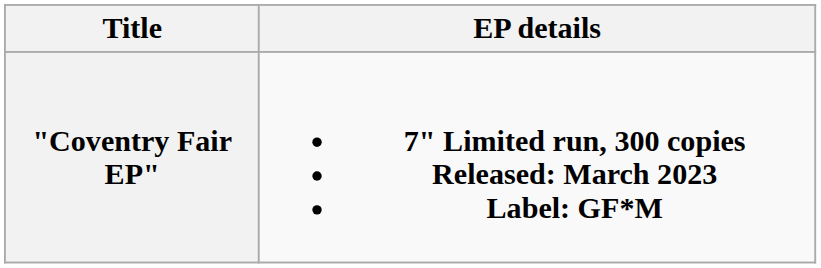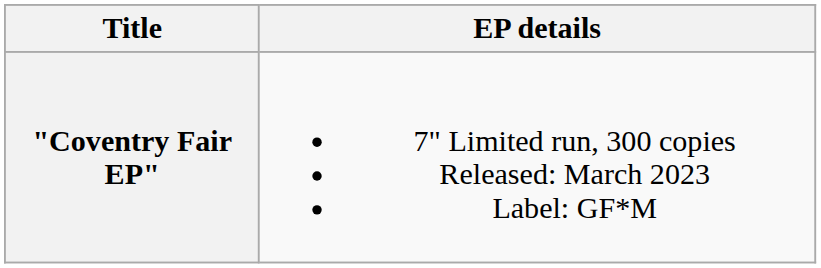 <table class="wikitable plainrowheaders" style="text-align:center;">
 <tr>
 <th scope="col" style="width:8em;">Title</th>
 <th scope="col" style="width:18em;">EP details</th>
 </tr>
 <tr>
 <th scope="row">"Coventry Fair EP"</th>
-<td><strong><br><ul><li>7" Limited run, 300 copies</li><li>Released: March 2023</li><li>Label: GF*M</li></ul></strong></td>
+<td><br><ul><li>7" Limited run, 300 copies</li><li>Released: March 2023</li><li>Label: GF*M</li></ul></td>
 </tr>
 </table>
